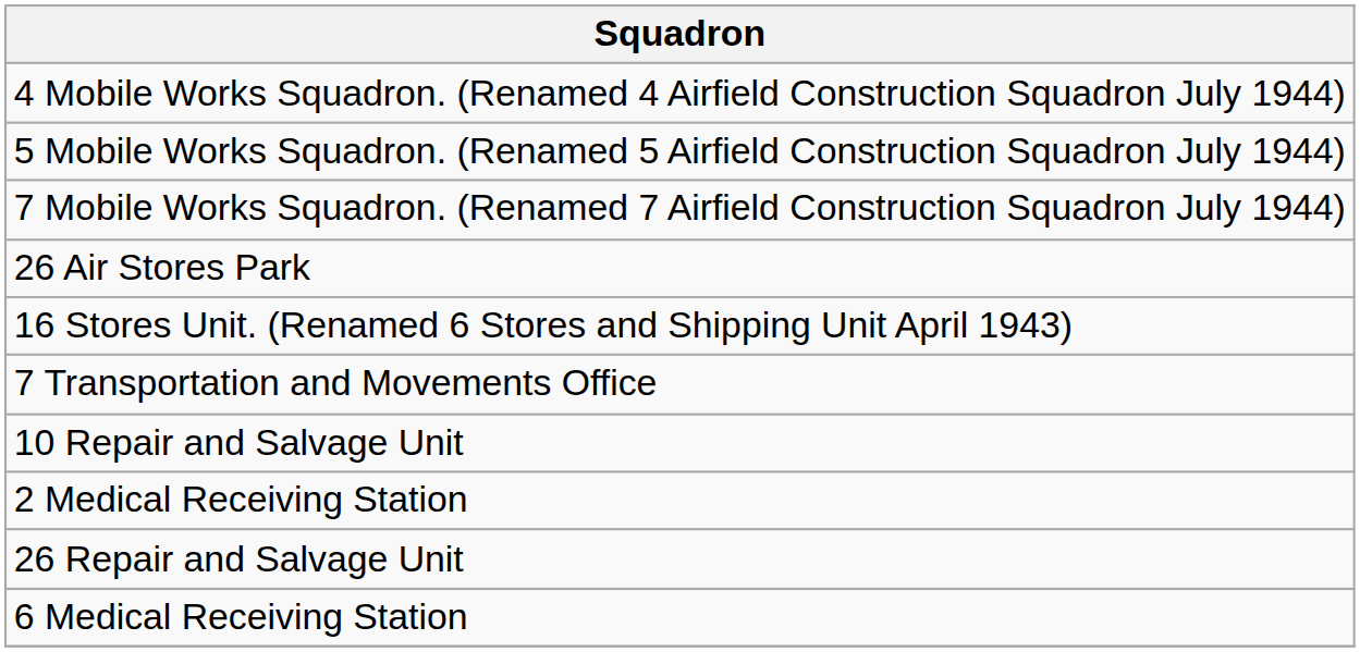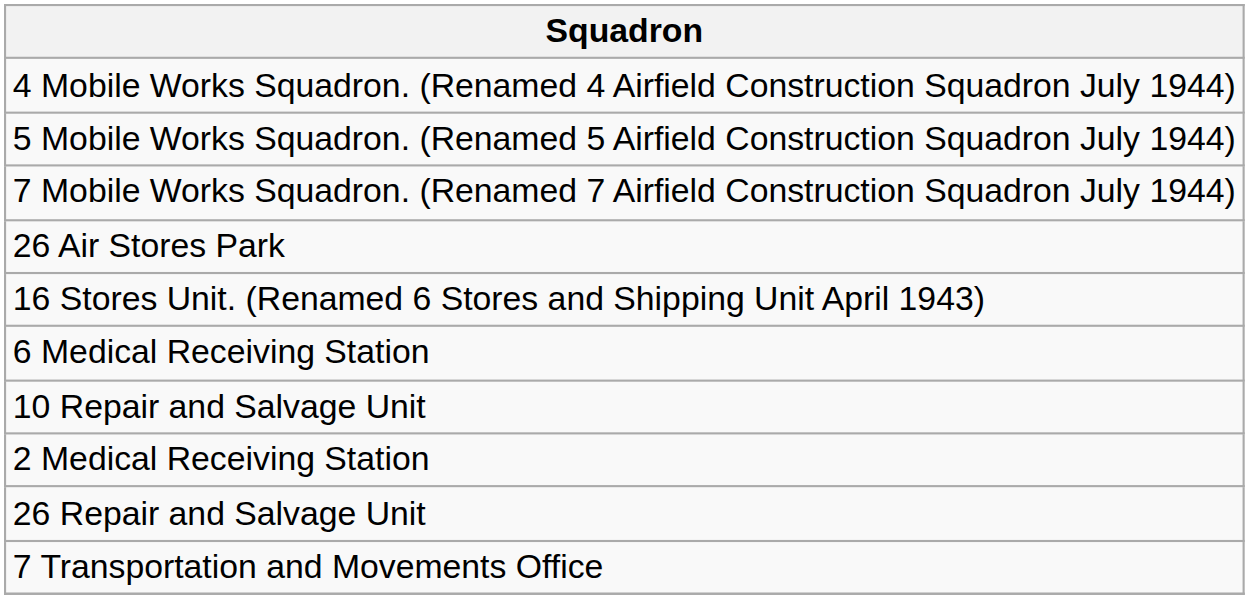 <table class="wikitable" border="1">
 <tr>
 <th>Squadron</th>
 </tr>
 <tr>
 <td>4 Mobile Works Squadron. (Renamed 4 Airfield Construction Squadron July 1944)</td>
 </tr>
 <tr>
 <td>5 Mobile Works Squadron. (Renamed 5 Airfield Construction Squadron July 1944)</td>
 </tr>
 <tr>
 <td>7 Mobile Works Squadron. (Renamed 7 Airfield Construction Squadron July 1944)</td>
 </tr>
 <tr>
 <td>26 Air Stores Park</td>
 </tr>
 <tr>
 <td>16 Stores Unit. (Renamed 6 Stores and Shipping Unit April 1943)</td>
 </tr>
 <tr>
-<td>7 Transportation and Movements Office</td>
+<td>6 Medical Receiving Station</td>
 </tr>
 <tr>
 <td>10 Repair and Salvage Unit</td>
 </tr>
 <tr>
 <td>2 Medical Receiving Station</td>
 </tr>
 <tr>
 <td>26 Repair and Salvage Unit</td>
 </tr>
 <tr>
-<td>6 Medical Receiving Station</td>
+<td>7 Transportation and Movements Office</td>
 </tr>
 <tr>
 </tr>
 </table>
